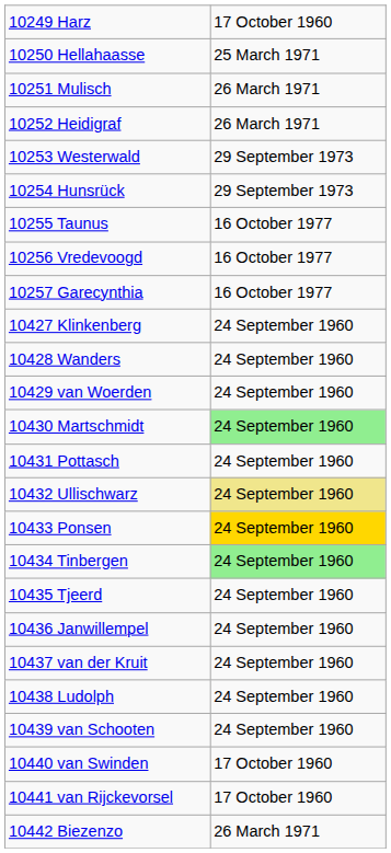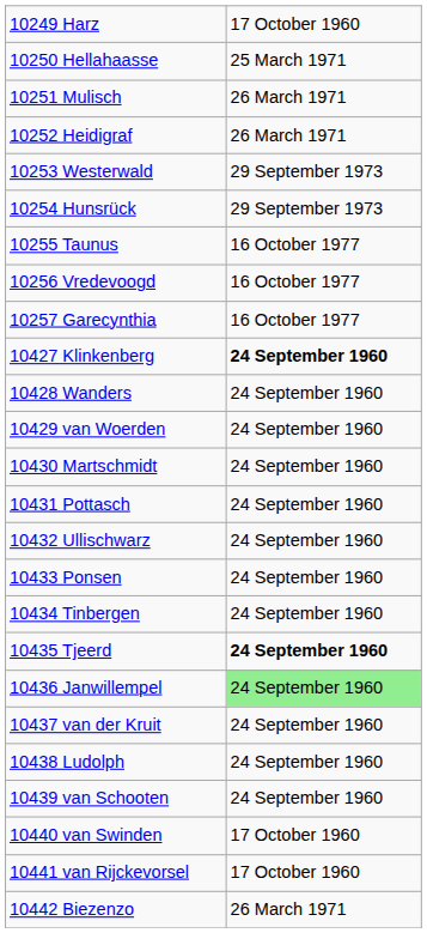 <table class="wikitable" style="font-size: 89%; float: left; width: 24em; margin-right: 1em; line-height: 1.65em">
 <tr>
 <td><a href='#'>10249 Harz</a></td>
 <td>17 October 1960</td>
 </tr>
 <tr>
 <td><a href='#'>10250 Hellahaasse</a></td>
 <td>25 March 1971</td>
 </tr>
 <tr>
 <td><a href='#'>10251 Mulisch</a></td>
 <td>26 March 1971</td>
 </tr>
 <tr>
 <td><a href='#'>10252 Heidigraf</a></td>
 <td>26 March 1971</td>
 </tr>
 <tr>
 <td><a href='#'>10253 Westerwald</a></td>
 <td>29 September 1973</td>
 </tr>
 <tr>
 <td><a href='#'>10254 Hunsrück</a></td>
 <td>29 September 1973</td>
 </tr>
 <tr>
 <td><a href='#'>10255 Taunus</a></td>
 <td>16 October 1977</td>
 </tr>
 <tr>
 <td><a href='#'>10256 Vredevoogd</a></td>
 <td>16 October 1977</td>
 </tr>
 <tr>
 <td><a href='#'>10257 Garecynthia</a></td>
 <td>16 October 1977</td>
 </tr>
 <tr>
 <td><a href='#'>10427 Klinkenberg</a></td>
-<td>24 September 1960</td>
+<td><strong>24 September 1960</strong></td>
 </tr>
 <tr>
 <td><a href='#'>10428 Wanders</a></td>
 <td>24 September 1960</td>
 </tr>
 <tr>
 <td><a href='#'>10429 van Woerden</a></td>
 <td>24 September 1960</td>
 </tr>
 <tr>
 <td><a href='#'>10430 Martschmidt</a></td>
-<td style="background: lightgreen;">24 September 1960</td>
+<td>24 September 1960</td>
 </tr>
 <tr>
 <td><a href='#'>10431 Pottasch</a></td>
 <td>24 September 1960</td>
 </tr>
 <tr>
 <td><a href='#'>10432 Ullischwarz</a></td>
-<td style="background: khaki;">24 September 1960</td>
+<td>24 September 1960</td>
 </tr>
 <tr>
 <td><a href='#'>10433 Ponsen</a></td>
-<td style="background: gold;">24 September 1960</td>
+<td>24 September 1960</td>
 </tr>
 <tr>
 <td><a href='#'>10434 Tinbergen</a></td>
-<td style="background: lightgreen;">24 September 1960</td>
+<td>24 September 1960</td>
 </tr>
 <tr>
 <td><a href='#'>10435 Tjeerd</a></td>
-<td>24 September 1960</td>
+<td><strong>24 September 1960</strong></td>
 </tr>
 <tr>
 <td><a href='#'>10436 Janwillempel</a></td>
-<td>24 September 1960</td>
+<td style="background: lightgreen;">24 September 1960</td>
 </tr>
 <tr>
 <td><a href='#'>10437 van der Kruit</a></td>
 <td>24 September 1960</td>
 </tr>
 <tr>
 <td><a href='#'>10438 Ludolph</a></td>
 <td>24 September 1960</td>
 </tr>
 <tr>
 <td><a href='#'>10439 van Schooten</a></td>
 <td>24 September 1960</td>
 </tr>
 <tr>
 <td><a href='#'>10440 van Swinden</a></td>
 <td>17 October 1960</td>
 </tr>
 <tr>
 <td><a href='#'>10441 van Rijckevorsel</a></td>
 <td>17 October 1960</td>
 </tr>
 <tr>
 <td><a href='#'>10442 Biezenzo</a></td>
 <td>26 March 1971</td>
 </tr>
 </table>
